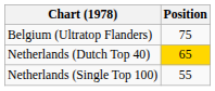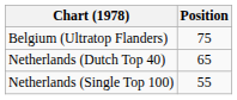 <table class="wikitable sortable">
 <tr>
 <th>Chart (1978)</th>
 <th>Position</th>
 </tr>
 <tr>
 <td>Belgium (Ultratop Flanders)</td>
 <td style="text-align:center;">75</td>
 </tr>
 <tr>
 <td>Netherlands (Dutch Top 40)</td>
-<td style="background: gold; text-align:center;">65</td>
+<td style="text-align:center;">65</td>
 </tr>
 <tr>
 <td>Netherlands (Single Top 100)</td>
 <td style="text-align:center;">55</td>
 </tr>
 </table>
